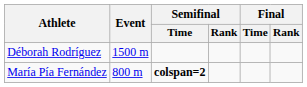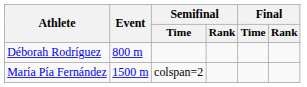 <table class=wikitable style=font-size:90%;text-align:center>
 <tr>
 <th rowspan=2>Athlete</th>
 <th rowspan=2>Event</th>
 <th colspan=2>Semifinal</th>
 <th colspan=2>Final</th>
 </tr>
 <tr style=font-size:95%>
 <th>Time</th>
 <th>Rank</th>
 <th>Time</th>
 <th>Rank</th>
 </tr>
 <tr>
 <td align=left><a href='#'>Déborah Rodríguez</a></td>
-<td align=left><a href='#'>1500 m</a></td>
+<td align=left><a href='#'>800 m</a></td>
 <td></td>
 <td></td>
 <td></td>
 <td></td>
 </tr>
 <tr>
 <td align=left><a href='#'>María Pía Fernández</a></td>
-<td align=left><a href='#'>800 m</a></td>
-<td><strong>colspan=2 </strong></td>
+<td align=left><a href='#'>1500 m</a></td>
+<td>colspan=2 </td>
 <td></td>
 <td></td>
 </tr>
 </table>
